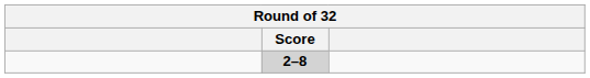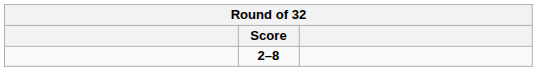 <table class="wikitable" style="text-align: center; font-size:90% ">
 <tr>
 <th colspan=3>Round of 32</th>
 </tr>
 <tr>
 <th align="right" width="250"></th>
 <th width="60">Score</th>
 <th align="left" width="250"></th>
 </tr>
 <tr>
 <td align=left></td>
-<td align=center style="background: lightgrey;"><strong>2–8</strong></td>
+<td align=center><strong>2–8</strong></td>
 <td align=left><strong></strong></td>
 </tr>
 </table>
